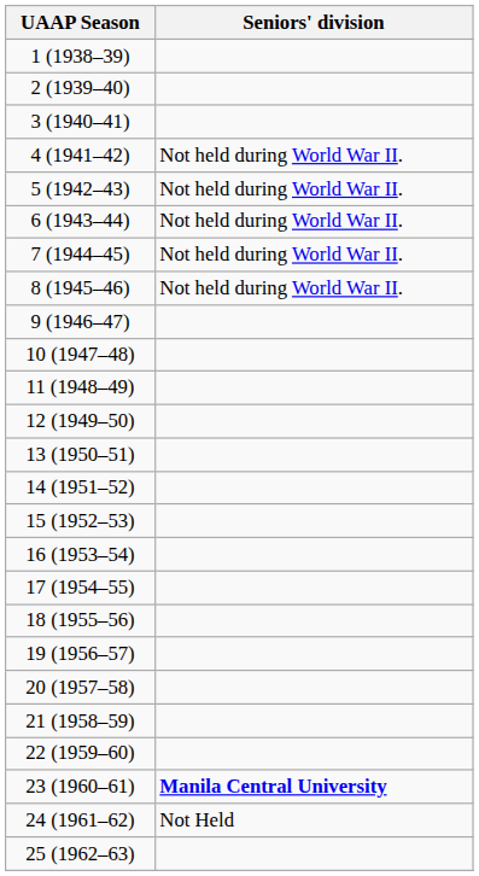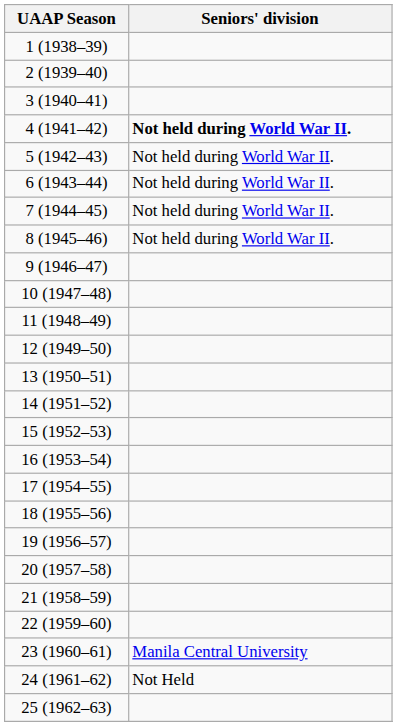 <table class="wikitable" style="font-size:90%;">
 <tr>
 <th width=100px>UAAP Season</th>
 <th width=220px>Seniors' division</th>
 </tr>
 <tr>
 <td align=center>1 (1938–39)</td>
 <td></td>
 </tr>
 <tr>
 <td align=center>2 (1939–40)</td>
 <td><br></td>
 </tr>
 <tr>
 <td align=center>3 (1940–41)</td>
 <td></td>
 </tr>
 <tr>
 <td align=center>4 (1941–42)</td>
-<td>Not held during <a href='#'>World War II</a>.</td>
+<td><strong>Not held during <a href='#'>World War II</a>.</strong></td>
 </tr>
 <tr>
 <td align=center>5 (1942–43)</td>
 <td>Not held during <a href='#'>World War II</a>.</td>
 </tr>
 <tr>
 <td align=center>6 (1943–44)</td>
 <td>Not held during <a href='#'>World War II</a>.</td>
 </tr>
 <tr>
 <td align=center>7 (1944–45)</td>
 <td>Not held during <a href='#'>World War II</a>.</td>
 </tr>
 <tr>
 <td align=center>8 (1945–46)</td>
 <td>Not held during <a href='#'>World War II</a>.</td>
 </tr>
 <tr>
 <td align=center>9 (1946–47)</td>
 <td></td>
 </tr>
 <tr>
 <td align=center>10 (1947–48)</td>
 <td></td>
 </tr>
 <tr>
 <td align=center>11 (1948–49)</td>
 <td></td>
 </tr>
 <tr>
 <td align=center>12 (1949–50)</td>
 <td></td>
 </tr>
 <tr>
 <td align=center>13 (1950–51)</td>
 <td></td>
 </tr>
 <tr>
 <td align=center>14 (1951–52)</td>
 <td></td>
 </tr>
 <tr>
 <td align=center>15 (1952–53)</td>
 <td></td>
 </tr>
 <tr>
 <td align=center>16 (1953–54)</td>
 <td></td>
 </tr>
 <tr>
 <td align=center>17 (1954–55)</td>
 <td></td>
 </tr>
 <tr>
 <td align=center>18 (1955–56)</td>
 <td></td>
 </tr>
 <tr>
 <td align=center>19 (1956–57)</td>
 <td></td>
 </tr>
 <tr>
 <td align=center>20 (1957–58)</td>
 <td></td>
 </tr>
 <tr>
 <td align=center>21 (1958–59)</td>
 <td></td>
 </tr>
 <tr>
 <td align=center>22 (1959–60)</td>
 <td></td>
 </tr>
 <tr>
 <td align=center>23 (1960–61)</td>
-<td><strong> <a href='#'>Manila Central University</a></strong></td>
+<td> <a href='#'>Manila Central University</a></td>
 </tr>
 <tr>
 <td align=center>24 (1961–62)</td>
 <td>Not Held</td>
 </tr>
 <tr>
 <td align=center>25 (1962–63)</td>
 <td></td>
 </tr>
 <tr>
 </tr>
 </table>
